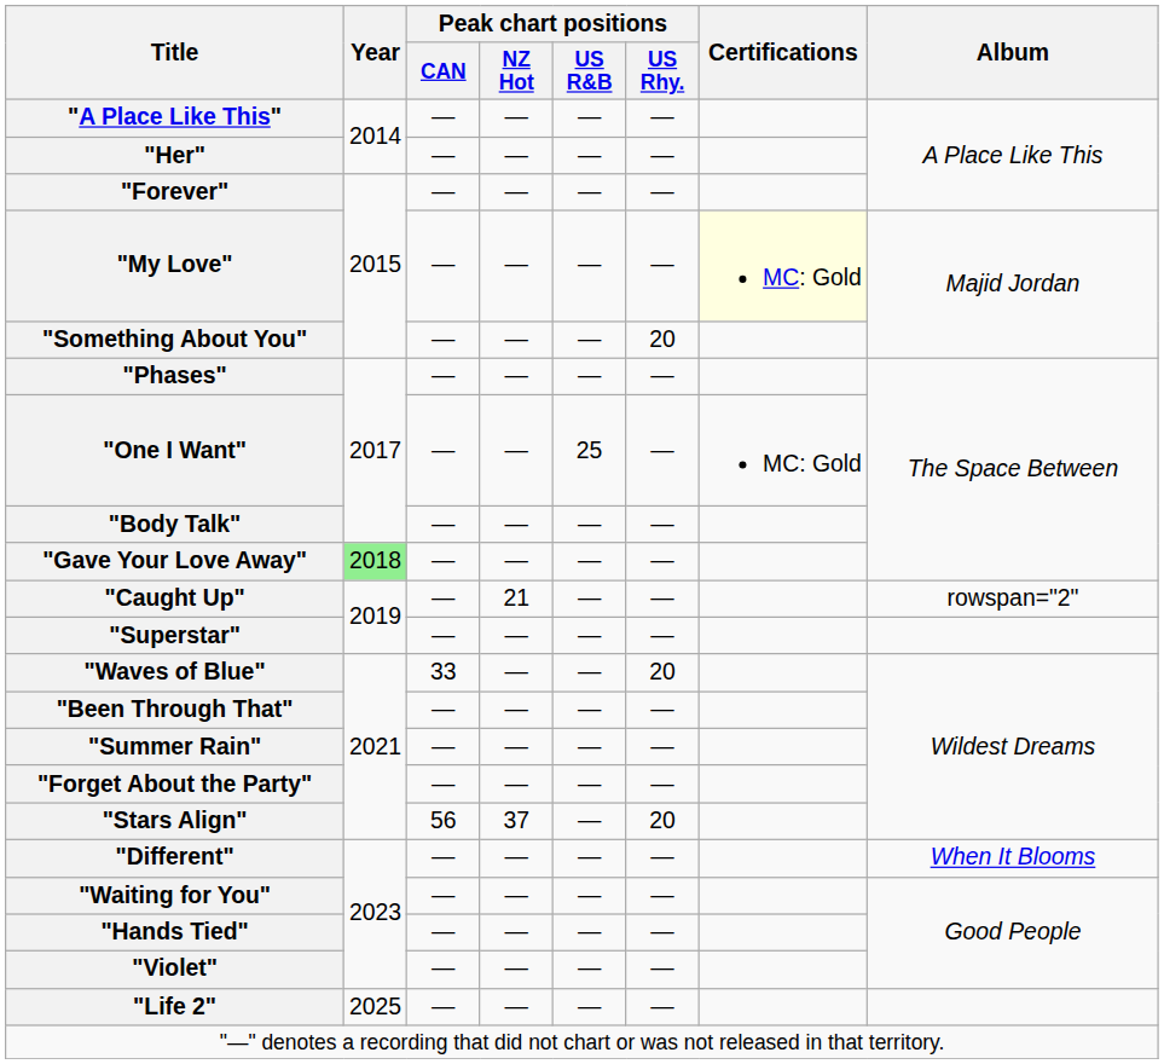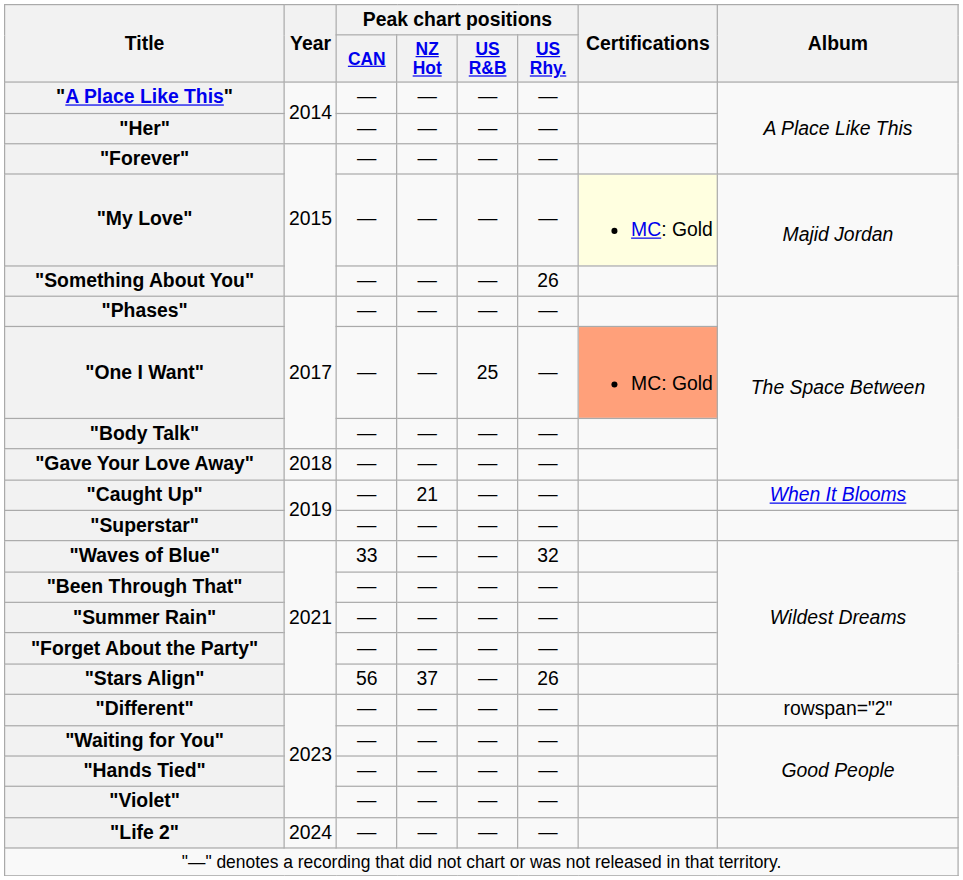 <table class="wikitable plainrowheaders" style="text-align:center;">
 <tr>
 <th scope="col" rowspan="2" style="width:14em;">Title</th>
 <th scope="col" rowspan="2">Year</th>
 <th scope="col" colspan="4">Peak chart positions</th>
 <th scope="col" rowspan="2">Certifications</th>
 <th scope="col" rowspan="2" style="width:12em;">Album</th>
 </tr>
 <tr>
 <th scope="col" style="width:3em;font-size:90%;"><a href='#'>CAN</a><br></th>
 <th scope="col" style="width:3em;font-size:90%;"><a href='#'>NZ<br>Hot</a><br></th>
 <th scope="col" style="width:3em;font-size:90%;"><a href='#'>US<br>R&B</a><br></th>
 <th scope="col" style="width:3em;font-size:90%;"><a href='#'>US<br>Rhy.</a><br></th>
 </tr>
 <tr>
 <th scope="row">"<a href='#'>A Place Like This</a>"</th>
 <td rowspan="2">2014</td>
 <td>—</td>
 <td>—</td>
 <td>—</td>
 <td>—</td>
 <td></td>
 <td rowspan="3"><em>A Place Like This</em></td>
 </tr>
 <tr>
 <th scope="row">"Her"</th>
 <td>—</td>
 <td>—</td>
 <td>—</td>
 <td>—</td>
 <td></td>
 </tr>
 <tr>
 <th scope="row">"Forever"</th>
 <td rowspan="3">2015</td>
 <td>—</td>
 <td>—</td>
 <td>—</td>
 <td>—</td>
 <td></td>
 </tr>
 <tr>
 <th scope="row">"My Love"<br></th>
 <td>—</td>
 <td>—</td>
 <td>—</td>
 <td>—</td>
 <td style="background: lightyellow;"><br><ul><li><a href='#'>MC</a>: Gold</li></ul></td>
 <td rowspan="2"><em>Majid Jordan</em></td>
 </tr>
 <tr>
 <th scope="row">"Something About You"</th>
 <td>—</td>
 <td>—</td>
 <td>—</td>
-<td>20</td>
+<td>26</td>
 <td></td>
 </tr>
 <tr>
 <th scope="row">"Phases"</th>
 <td rowspan="3">2017</td>
 <td>—</td>
 <td>—</td>
 <td>—</td>
 <td>—</td>
 <td></td>
 <td rowspan="4"><em>The Space Between</em></td>
 </tr>
 <tr>
 <th scope="row">"One I Want"<br></th>
 <td>—</td>
 <td>—</td>
 <td>25</td>
 <td>—</td>
-<td><br><ul><li>MC: Gold</li></ul></td>
+<td style="background: lightsalmon;"><br><ul><li>MC: Gold</li></ul></td>
 </tr>
 <tr>
 <th scope="row">"Body Talk"</th>
 <td>—</td>
 <td>—</td>
 <td>—</td>
 <td>—</td>
 <td></td>
 </tr>
 <tr>
 <th scope="row">"Gave Your Love Away"</th>
-<td style="background: lightgreen;">2018</td>
+<td>2018</td>
 <td>—</td>
 <td>—</td>
 <td>—</td>
 <td>—</td>
 <td></td>
 </tr>
 <tr>
 <th scope="row">"Caught Up"<br></th>
 <td rowspan="2">2019</td>
 <td>—</td>
 <td>21</td>
 <td>—</td>
 <td>—</td>
 <td></td>
-<td>rowspan="2" </td>
+<td><em><a href='#'>When It Blooms</a></em></td>
 </tr>
 <tr>
 <th scope="row">"Superstar"</th>
 <td>—</td>
 <td>—</td>
 <td>—</td>
 <td>—</td>
 <td></td>
 </tr>
 <tr>
 <th scope="row">"Waves of Blue"</th>
 <td rowspan="5">2021</td>
 <td>33</td>
 <td>—</td>
 <td>—</td>
-<td>20</td>
+<td>32</td>
 <td></td>
 <td rowspan="5"><em>Wildest Dreams</em></td>
 </tr>
 <tr>
 <th scope="row">"Been Through That"</th>
 <td>—</td>
 <td>—</td>
 <td>—</td>
 <td>—</td>
 <td></td>
 </tr>
 <tr>
 <th scope="row">"Summer Rain"</th>
 <td>—</td>
 <td>—</td>
 <td>—</td>
 <td>—</td>
 <td></td>
 </tr>
 <tr>
 <th scope="row">"Forget About the Party"</th>
 <td>—</td>
 <td>—</td>
 <td>—</td>
 <td>—</td>
 <td></td>
 </tr>
 <tr>
 <th scope ="row">"Stars Align"<br></th>
 <td>56</td>
 <td>37</td>
 <td>—</td>
-<td>20</td>
+<td>26</td>
 <td></td>
 </tr>
 <tr>
 <th scope="row">"Different"<br></th>
 <td rowspan="4">2023</td>
 <td>—</td>
 <td>—</td>
 <td>—</td>
 <td>—</td>
 <td></td>
-<td><em><a href='#'>When It Blooms</a></em></td>
+<td>rowspan="2" </td>
 </tr>
 <tr>
 <th scope="row">"Waiting for You"<br></th>
 <td>—</td>
 <td>—</td>
 <td>—</td>
 <td>—</td>
 <td></td>
 <td rowspan="3"><em>Good People</em></td>
 </tr>
 <tr>
 <th scope="row">"Hands Tied"</th>
 <td>—</td>
 <td>—</td>
 <td>—</td>
 <td>—</td>
 <td></td>
 </tr>
 <tr>
 <th scope="row">"Violet"</th>
 <td>—</td>
 <td>—</td>
 <td>—</td>
 <td>—</td>
 <td></td>
 </tr>
 <tr>
 <th scope="row">"Life 2"</th>
-<td>2025</td>
+<td>2024</td>
 <td>—</td>
 <td>—</td>
 <td>—</td>
 <td>—</td>
 <td></td>
 <td></td>
 </tr>
 <tr>
 <td colspan="20" style="font-size:90%">"—" denotes a recording that did not chart or was not released in that territory.</td>
 </tr>
 </table>
